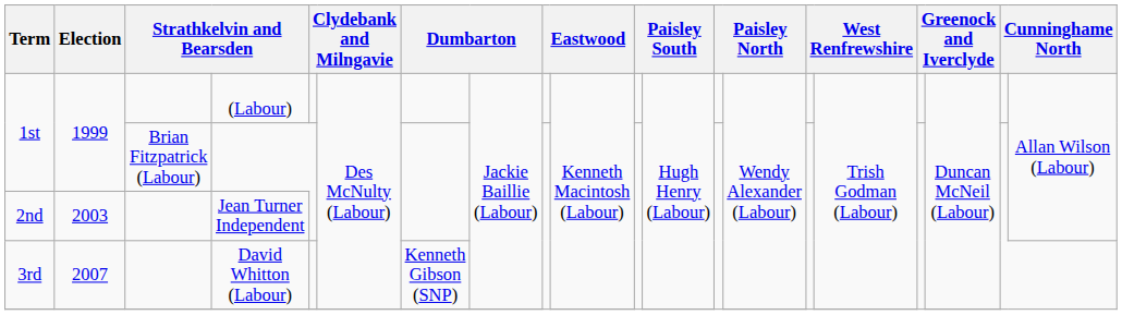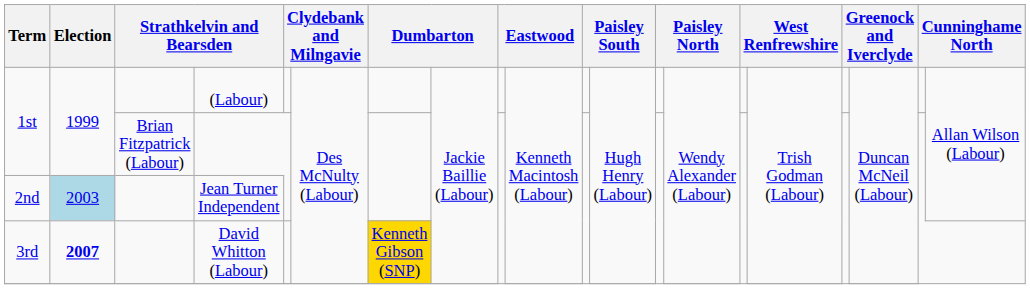 <table class="wikitable" style="text-align:center">
 <tr>
 <th>Term</th>
 <th>Election</th>
 <th colspan="2"><a href='#'>Strathkelvin and Bearsden</a></th>
 <th colspan="2"><a href='#'>Clydebank and Milngavie</a></th>
 <th colspan="2"><a href='#'>Dumbarton</a></th>
 <th colspan="2"><a href='#'>Eastwood</a></th>
 <th colspan="2"><a href='#'>Paisley South</a></th>
 <th colspan="2"><a href='#'>Paisley North</a></th>
 <th colspan="2"><a href='#'>West Renfrewshire</a></th>
 <th colspan="2"><a href='#'>Greenock and Iverclyde</a></th>
 <th colspan="2"><a href='#'>Cunninghame North</a></th>
 </tr>
 <tr>
 <td rowspan="2"><a href='#'>1st</a></td>
 <td rowspan="2"><a href='#'>1999</a></td>
 <td></td>
 <td><br>(<a href='#'>Labour</a>)</td>
 <td></td>
 <td rowspan="4"><a href='#'>Des McNulty</a><br>(<a href='#'>Labour</a>)</td>
 <td></td>
 <td rowspan="4"><a href='#'>Jackie Baillie</a><br>(<a href='#'>Labour</a>)</td>
 <td></td>
 <td rowspan="4"><a href='#'>Kenneth Macintosh</a><br>(<a href='#'>Labour</a>)</td>
 <td></td>
 <td rowspan="4"><a href='#'>Hugh Henry</a><br>(<a href='#'>Labour</a>)</td>
 <td></td>
 <td rowspan="4"><a href='#'>Wendy Alexander</a><br>(<a href='#'>Labour</a>)</td>
 <td></td>
 <td rowspan="4"><a href='#'>Trish Godman</a><br>(<a href='#'>Labour</a>)</td>
 <td></td>
 <td rowspan="4"><a href='#'>Duncan McNeil</a><br>(<a href='#'>Labour</a>)</td>
 <td></td>
 <td rowspan="3"><a href='#'>Allan Wilson</a><br>(<a href='#'>Labour</a>)</td>
 </tr>
 <tr>
 <td><a href='#'>Brian Fitzpatrick</a><br>(<a href='#'>Labour</a>)</td>
 </tr>
 <tr>
 <td><a href='#'>2nd</a></td>
-<td><a href='#'>2003</a></td>
+<td style="background: lightblue;"><a href='#'>2003</a></td>
 <td></td>
 <td><a href='#'>Jean Turner</a><br><a href='#'>Independent</a></td>
 </tr>
 <tr>
 <td><a href='#'>3rd</a></td>
-<td><a href='#'>2007</a></td>
+<td><strong><a href='#'>2007</a></strong></td>
 <td></td>
 <td><a href='#'>David Whitton</a><br>(<a href='#'>Labour</a>)</td>
 <td></td>
-<td><a href='#'>Kenneth Gibson</a><br>(<a href='#'>SNP</a>)</td>
+<td style="background: gold;"><a href='#'>Kenneth Gibson</a><br>(<a href='#'>SNP</a>)</td>
 </tr>
 <tr>
 </tr>
 </table>
